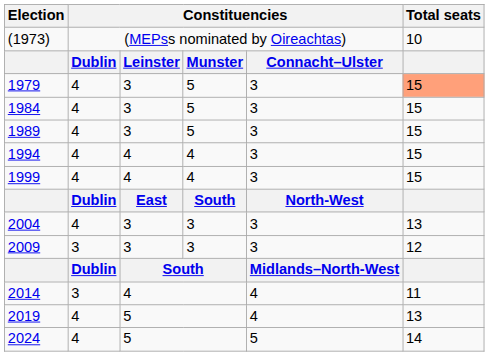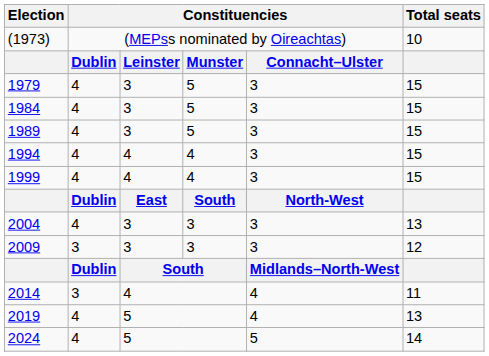 <table class="wikitable">
 <tr>
 <th>Election</th>
 <th colspan="4">Constituencies</th>
 <th>Total seats</th>
 </tr>
 <tr>
 <td>(1973)</td>
 <td colspan="4" align ="center">(<a href='#'>MEPs</a>s nominated by <a href='#'>Oireachtas</a>)</td>
 <td>10</td>
 </tr>
 <tr>
 <th></th>
 <th><a href='#'>Dublin</a></th>
 <th><a href='#'>Leinster</a></th>
 <th><a href='#'>Munster</a></th>
 <th><a href='#'>Connacht–Ulster</a></th>
 <th></th>
 </tr>
 <tr>
 <td><a href='#'>1979</a></td>
 <td>4</td>
 <td>3</td>
 <td>5</td>
 <td>3</td>
-<td style="background: lightsalmon;">15</td>
+<td>15</td>
 </tr>
 <tr>
 <td><a href='#'>1984</a></td>
 <td>4</td>
 <td>3</td>
 <td>5</td>
 <td>3</td>
 <td>15</td>
 </tr>
 <tr>
 <td><a href='#'>1989</a></td>
 <td>4</td>
 <td>3</td>
 <td>5</td>
 <td>3</td>
 <td>15</td>
 </tr>
 <tr>
 <td><a href='#'>1994</a></td>
 <td>4</td>
 <td>4</td>
 <td>4</td>
 <td>3</td>
 <td>15</td>
 </tr>
 <tr>
 <td><a href='#'>1999</a></td>
 <td>4</td>
 <td>4</td>
 <td>4</td>
 <td>3</td>
 <td>15</td>
 </tr>
 <tr>
 <th></th>
 <th><a href='#'>Dublin</a></th>
 <th><a href='#'>East</a></th>
 <th><a href='#'>South</a></th>
 <th><a href='#'>North-West</a></th>
 <th></th>
 </tr>
 <tr>
 <td><a href='#'>2004</a></td>
 <td>4</td>
 <td>3</td>
 <td>3</td>
 <td>3</td>
 <td>13</td>
 </tr>
 <tr>
 <td><a href='#'>2009</a></td>
 <td>3</td>
 <td>3</td>
 <td>3</td>
 <td>3</td>
 <td>12</td>
 </tr>
 <tr>
 <th></th>
 <th><a href='#'>Dublin</a></th>
 <th colspan=2><a href='#'>South</a></th>
 <th><a href='#'>Midlands–North-West</a></th>
 <th></th>
 </tr>
 <tr>
 <td><a href='#'>2014</a></td>
 <td>3</td>
 <td colspan=2>4</td>
 <td>4</td>
 <td>11</td>
 </tr>
 <tr>
 <td><a href='#'>2019</a></td>
 <td>4</td>
 <td colspan=2>5</td>
 <td>4</td>
 <td>13</td>
 </tr>
 <tr>
 <td><a href='#'>2024</a></td>
 <td>4</td>
 <td colspan=2>5</td>
 <td>5</td>
 <td>14</td>
 </tr>
 </table>
